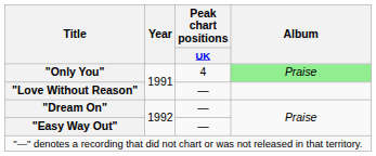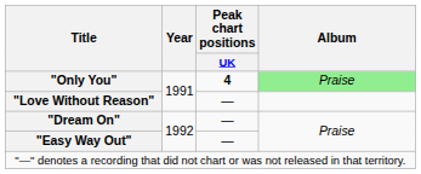 <table class="wikitable plainrowheaders" style="text-align:center;">
 <tr>
 <th scope="col" rowspan="2" style="width:12em;">Title</th>
 <th scope="col" rowspan="2">Year</th>
 <th scope="col" colspan="1">Peak chart positions</th>
 <th scope="col" rowspan="2" style="width:12em;">Album</th>
 </tr>
 <tr>
 <th scope="col" style="width:2.5em;font-size:90%;"><a href='#'>UK</a><br></th>
 </tr>
 <tr>
 <th scope="row">"Only You"</th>
 <td rowspan="2">1991</td>
-<td>4</td>
+<td><strong>4</strong></td>
 <td style="background: lightgreen;"><em>Praise</em></td>
 </tr>
 <tr>
 <th scope="row">"Love Without Reason"</th>
 <td>—</td>
 <td></td>
 </tr>
 <tr>
 <th scope="row">"Dream On"</th>
 <td rowspan="2">1992</td>
 <td>—</td>
 <td rowspan="2"><em>Praise</em></td>
 </tr>
 <tr>
 <th scope="row">"Easy Way Out"</th>
 <td>—</td>
 </tr>
 <tr>
 <td colspan="5" style="font-size:90%">"—" denotes a recording that did not chart or was not released in that territory.</td>
 </tr>
 </table>
